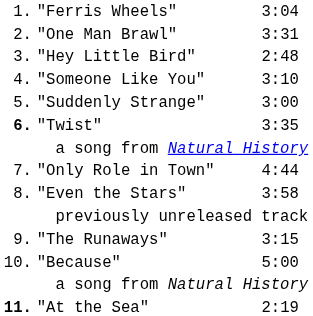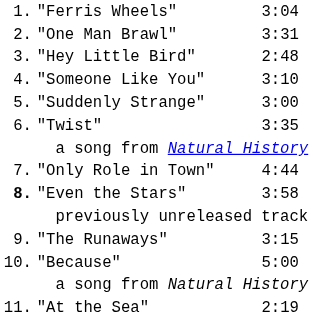 <table style="background: transparent; margin: auto auto auto 2em;">
 <tr>
 <td align="right">1.</td>
 <td>"Ferris Wheels"</td>
 <td>3:04</td>
 </tr>
 <tr>
 <td align="right">2.</td>
 <td>"One Man Brawl"</td>
 <td>3:31</td>
 </tr>
 <tr>
 <td align="right">3.</td>
 <td>"Hey Little Bird"</td>
 <td>2:48</td>
 </tr>
 <tr>
 <td align="right">4.</td>
 <td>"Someone Like You"</td>
 <td>3:10</td>
 </tr>
 <tr>
 <td align="right">5.</td>
 <td>"Suddenly Strange"</td>
 <td>3:00</td>
 </tr>
 <tr>
-<td align="right"><strong>6.</strong></td>
+<td align="right">6.</td>
 <td>"Twist"</td>
 <td>3:35</td>
 </tr>
 <tr>
 <td></td>
 <td colspan="2">  a song from <em><a href='#'>Natural History</a></em></td>
 </tr>
 <tr>
 <td align="right">7.</td>
 <td>"Only Role in Town"</td>
 <td>4:44</td>
 </tr>
 <tr>
-<td align="right">8.</td>
+<td align="right"><strong>8.</strong></td>
 <td>"Even the Stars"</td>
 <td>3:58</td>
 </tr>
 <tr>
 <td></td>
 <td colspan="2">  previously unreleased track</td>
 </tr>
 <tr>
 <td align="right">9.</td>
 <td>"The Runaways"</td>
 <td>3:15</td>
 </tr>
 <tr>
 <td align="right">10.</td>
 <td>"Because"</td>
 <td>5:00</td>
 </tr>
 <tr>
 <td></td>
 <td colspan="2">  a song from <em>Natural History</em></td>
 </tr>
 <tr>
-<td align="right"><strong>11.</strong></td>
+<td align="right">11.</td>
 <td>"At the Sea"</td>
 <td>2:19</td>
 </tr>
 <tr>
 </tr>
 </table>
